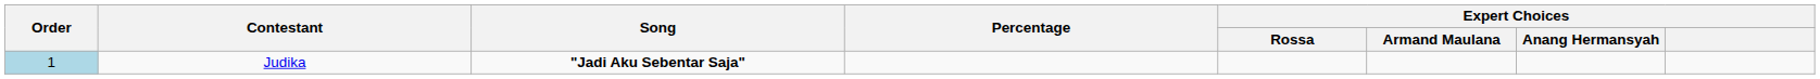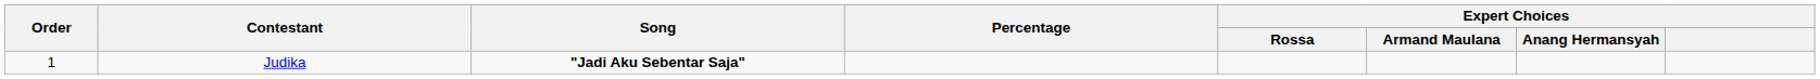 <table class="wikitable" style="text-align:center; width:100%;">
 <tr>
 <th scope="col" rowspan="2" style="width:05%;">Order</th>
 <th scope="col" rowspan="2" style="width:20%;">Contestant</th>
 <th scope="col" rowspan="2" style="width:20%;">Song</th>
 <th scope="col" rowspan="2" style="width:20%;">Percentage</th>
 <th scope="col" colspan="4" style="width:32%;">Expert Choices</th>
 </tr>
 <tr>
 <th style="width:08%;">Rossa</th>
 <th style="width:08%;">Armand Maulana</th>
 <th style="width:08%;">Anang Hermansyah</th>
 <th style="width:08%;"></th>
 </tr>
 <tr>
-<td style="background: lightblue;">1</td>
+<td>1</td>
 <td><a href='#'>Judika</a></td>
 <td><strong>"Jadi Aku Sebentar Saja"</strong></td>
 <td></td>
 <td></td>
 <td></td>
 <td></td>
 <td></td>
 </tr>
 </table>
